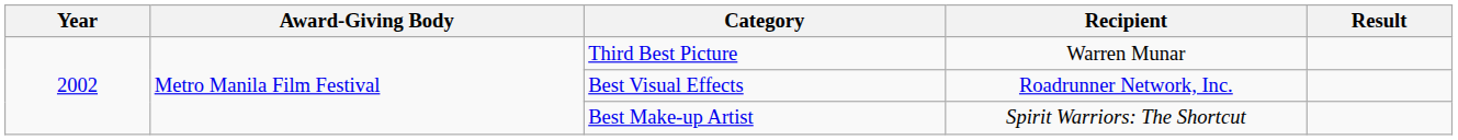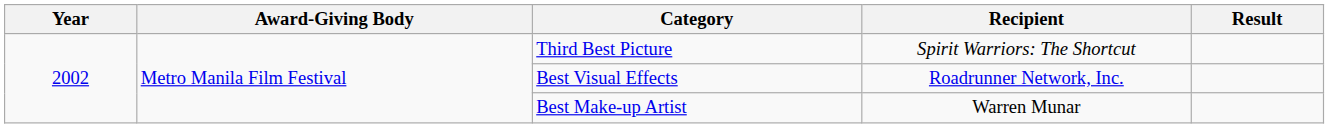 <table | width="90%" class="wikitable sortable">
 <tr>
 <th width="10%">Year</th>
 <th width="30%">Award-Giving Body</th>
 <th width="25%">Category</th>
 <th width="25%">Recipient</th>
 <th width="10%">Result</th>
 </tr>
 <tr>
 <td rowspan="3" align="center"><a href='#'>2002</a></td>
 <td rowspan="3" align="left"><a href='#'>Metro Manila Film Festival</a></td>
 <td align="left"><a href='#'>Third Best Picture</a></td>
-<td align="center">Warren Munar</td>
+<td align="center"><em>Spirit Warriors: The Shortcut</em></td>
 <td></td>
 </tr>
 <tr>
 <td align="left"><a href='#'>Best Visual Effects</a></td>
 <td align="center"><a href='#'>Roadrunner Network, Inc.</a></td>
 <td></td>
 </tr>
 <tr>
 <td align="left"><a href='#'>Best Make-up Artist</a></td>
-<td align="center"><em>Spirit Warriors: The Shortcut</em></td>
+<td align="center">Warren Munar</td>
 <td></td>
 </tr>
 </table>
